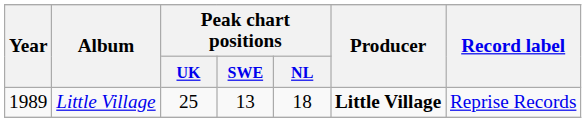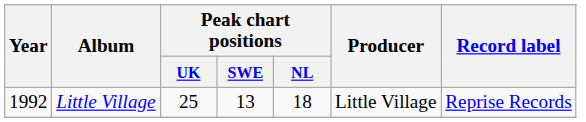 <table class="wikitable" style=text-align:center;>
 <tr>
 </tr>
 <tr>
 <th rowspan="2">Year</th>
 <th rowspan="2">Album</th>
 <th colspan="3">Peak chart positions</th>
 <th rowspan="2">Producer</th>
 <th rowspan="2"><a href='#'>Record label</a></th>
 </tr>
 <tr>
 <th style="width:40px;"><small><a href='#'>UK</a></small><br></th>
 <th style="width:40px;"><small><a href='#'>SWE</a></small><br></th>
 <th style="width:40px;"><small><a href='#'>NL</a></small><br></th>
 </tr>
 <tr>
-<td>1989</td>
+<td>1992</td>
 <td align=left><em><a href='#'>Little Village</a></em></td>
 <td>25</td>
 <td>13</td>
 <td>18</td>
-<td><strong>Little Village</strong></td>
+<td>Little Village</td>
 <td rowspan="1"><a href='#'>Reprise Records</a></td>
 </tr>
 <tr>
 </tr>
 </table>
